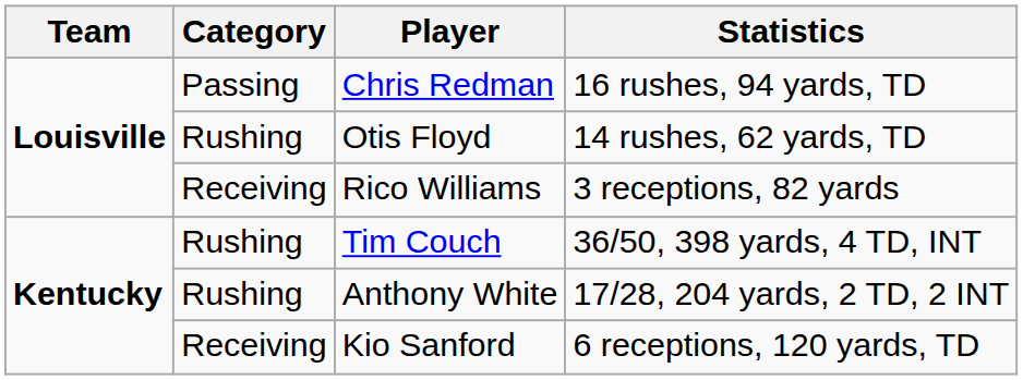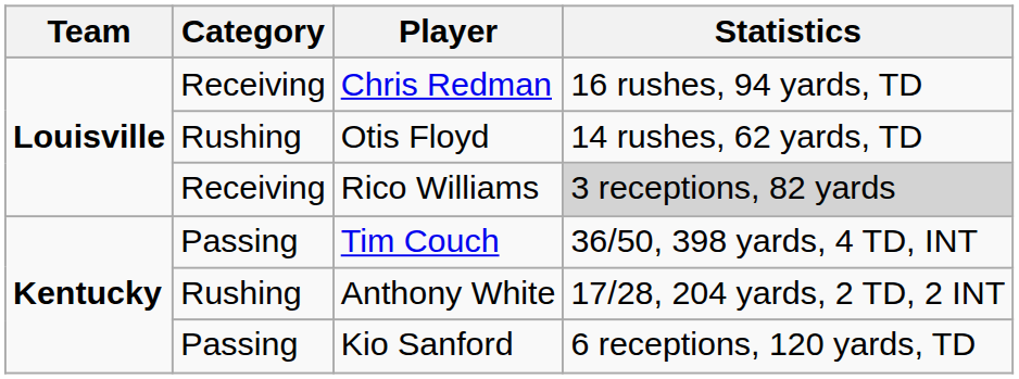 <table class="wikitable" style="float: left;">
 <tr>
 <th>Team</th>
 <th>Category</th>
 <th>Player</th>
 <th>Statistics</th>
 </tr>
 <tr>
 <td rowspan=3><strong>Louisville</strong></td>
-<td>Passing</td>
+<td>Receiving</td>
 <td><a href='#'>Chris Redman</a></td>
 <td>16 rushes, 94 yards, TD</td>
 </tr>
 <tr>
 <td>Rushing</td>
 <td>Otis Floyd</td>
 <td>14 rushes, 62 yards, TD</td>
 </tr>
 <tr>
 <td>Receiving</td>
 <td>Rico Williams</td>
-<td>3 receptions, 82 yards</td>
+<td style="background: lightgrey;">3 receptions, 82 yards</td>
 </tr>
 <tr>
 <td rowspan=3><strong>Kentucky</strong></td>
-<td>Rushing</td>
+<td>Passing</td>
 <td><a href='#'>Tim Couch</a></td>
 <td>36/50, 398 yards, 4 TD, INT</td>
 </tr>
 <tr>
 <td>Rushing</td>
 <td>Anthony White</td>
 <td>17/28, 204 yards, 2 TD, 2 INT</td>
 </tr>
 <tr>
-<td>Receiving</td>
+<td>Passing</td>
 <td>Kio Sanford</td>
 <td>6 receptions, 120 yards, TD</td>
 </tr>
 </table>
